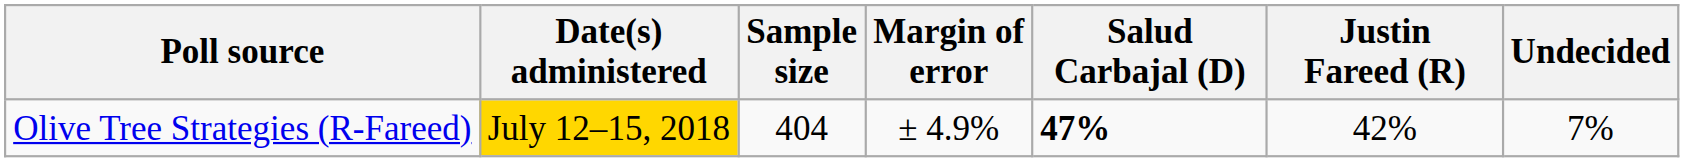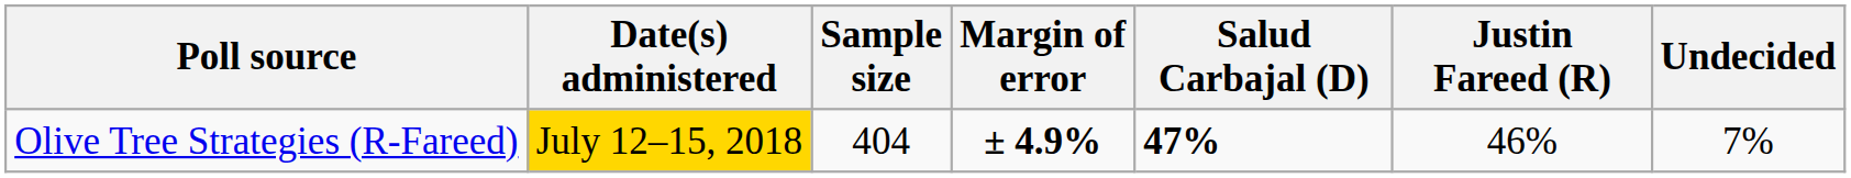 <table class="wikitable">
 <tr>
 <th>Poll source</th>
 <th>Date(s)<br>administered</th>
 <th>Sample<br>size</th>
 <th>Margin of<br>error</th>
 <th style="width:100px;">Salud<br>Carbajal (D)</th>
 <th style="width:100px;">Justin<br>Fareed (R)</th>
 <th>Undecided</th>
 </tr>
 <tr>
 <td><a href='#'>Olive Tree Strategies (R-Fareed)</a></td>
 <td style="background: gold; text-align:center">July 12–15, 2018</td>
 <td style="text-align:center">404</td>
-<td style="text-align:center">± 4.9%</td>
+<td style="text-align:center"><strong>± 4.9%</strong></td>
 <td style="background-color:"><strong>47%</strong></td>
-<td style="text-align:center">42%</td>
+<td style="text-align:center">46%</td>
 <td style="text-align:center">7%</td>
 </tr>
 </table>
